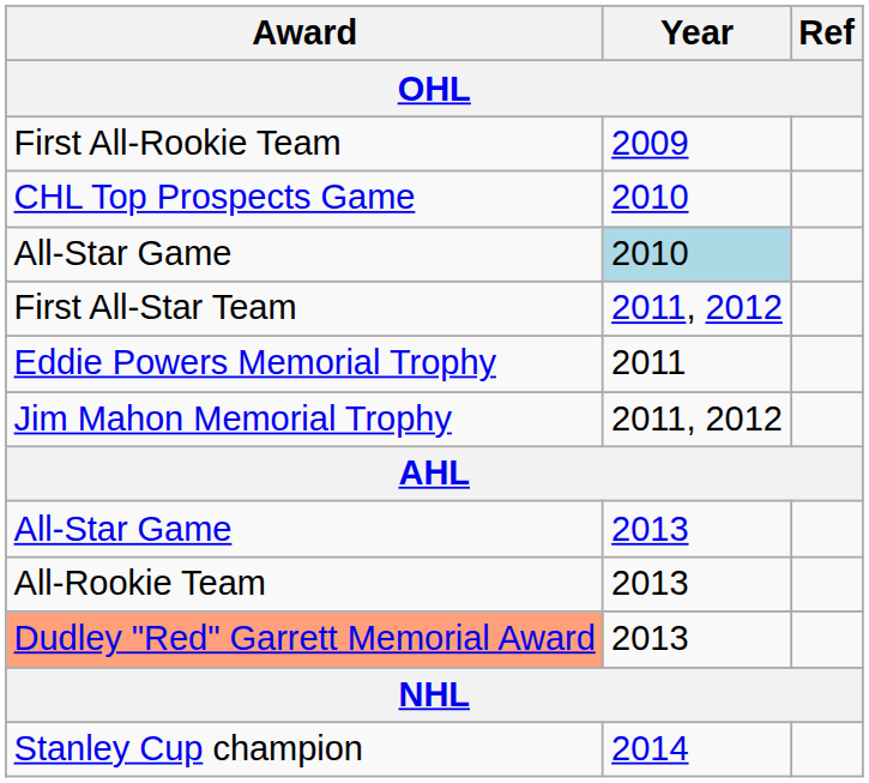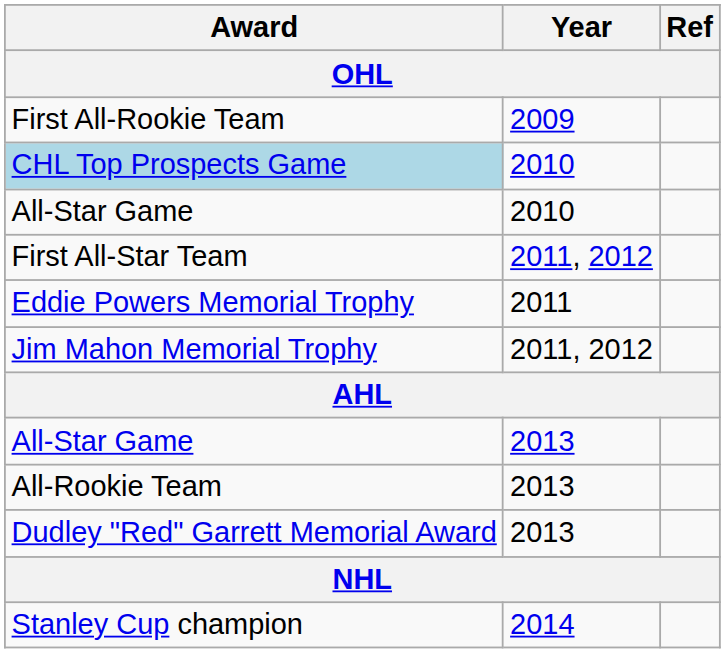 <table class="wikitable">
 <tr>
 <th>Award</th>
 <th>Year</th>
 <th>Ref</th>
 </tr>
 <tr>
 <th colspan="3"><a href='#'>OHL</a></th>
 </tr>
 <tr>
 <td>First All-Rookie Team</td>
 <td><a href='#'>2009</a></td>
 <td></td>
 </tr>
 <tr>
-<td><a href='#'>CHL Top Prospects Game</a></td>
+<td style="background: lightblue;"><a href='#'>CHL Top Prospects Game</a></td>
 <td><a href='#'>2010</a></td>
 <td></td>
 </tr>
 <tr>
 <td>All-Star Game</td>
-<td style="background: lightblue;">2010</td>
+<td>2010</td>
 <td></td>
 </tr>
 <tr>
 <td>First All-Star Team</td>
 <td><a href='#'>2011</a>, <a href='#'>2012</a></td>
 <td></td>
 </tr>
 <tr>
 <td><a href='#'>Eddie Powers Memorial Trophy</a></td>
 <td>2011</td>
 <td></td>
 </tr>
 <tr>
 <td><a href='#'>Jim Mahon Memorial Trophy</a></td>
 <td>2011, 2012</td>
 <td></td>
 </tr>
 <tr>
 <th colspan="3"><a href='#'>AHL</a></th>
 </tr>
 <tr>
 <td><a href='#'>All-Star Game</a></td>
 <td><a href='#'>2013</a></td>
 <td></td>
 </tr>
 <tr>
 <td>All-Rookie Team</td>
 <td>2013</td>
 <td></td>
 </tr>
 <tr>
-<td style="background: lightsalmon;"><a href='#'>Dudley "Red" Garrett Memorial Award</a></td>
+<td><a href='#'>Dudley "Red" Garrett Memorial Award</a></td>
 <td>2013</td>
 <td></td>
 </tr>
 <tr>
 <th colspan="3"><a href='#'>NHL</a></th>
 </tr>
 <tr>
 <td><a href='#'>Stanley Cup</a> champion</td>
 <td><a href='#'>2014</a></td>
 <td></td>
 </tr>
 </table>
